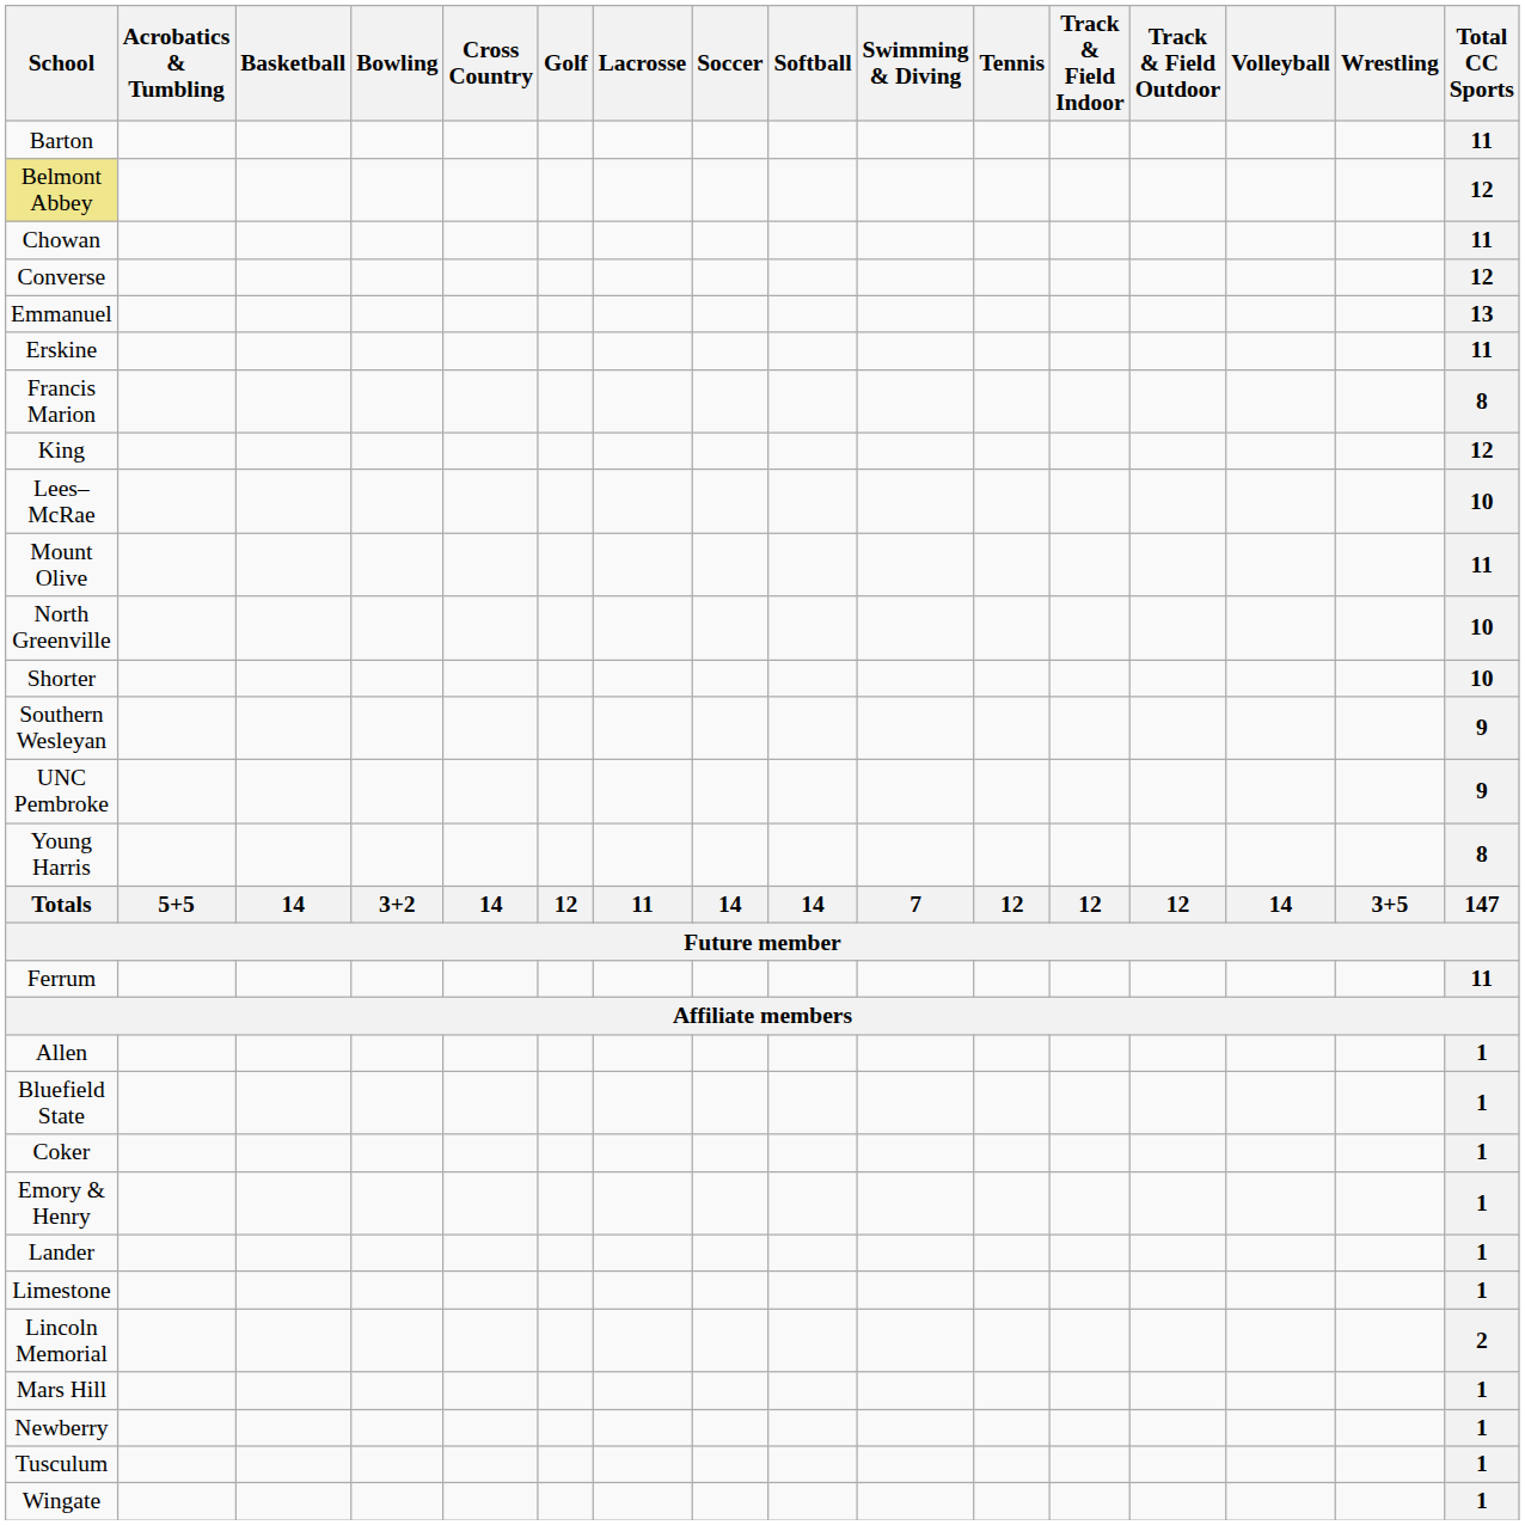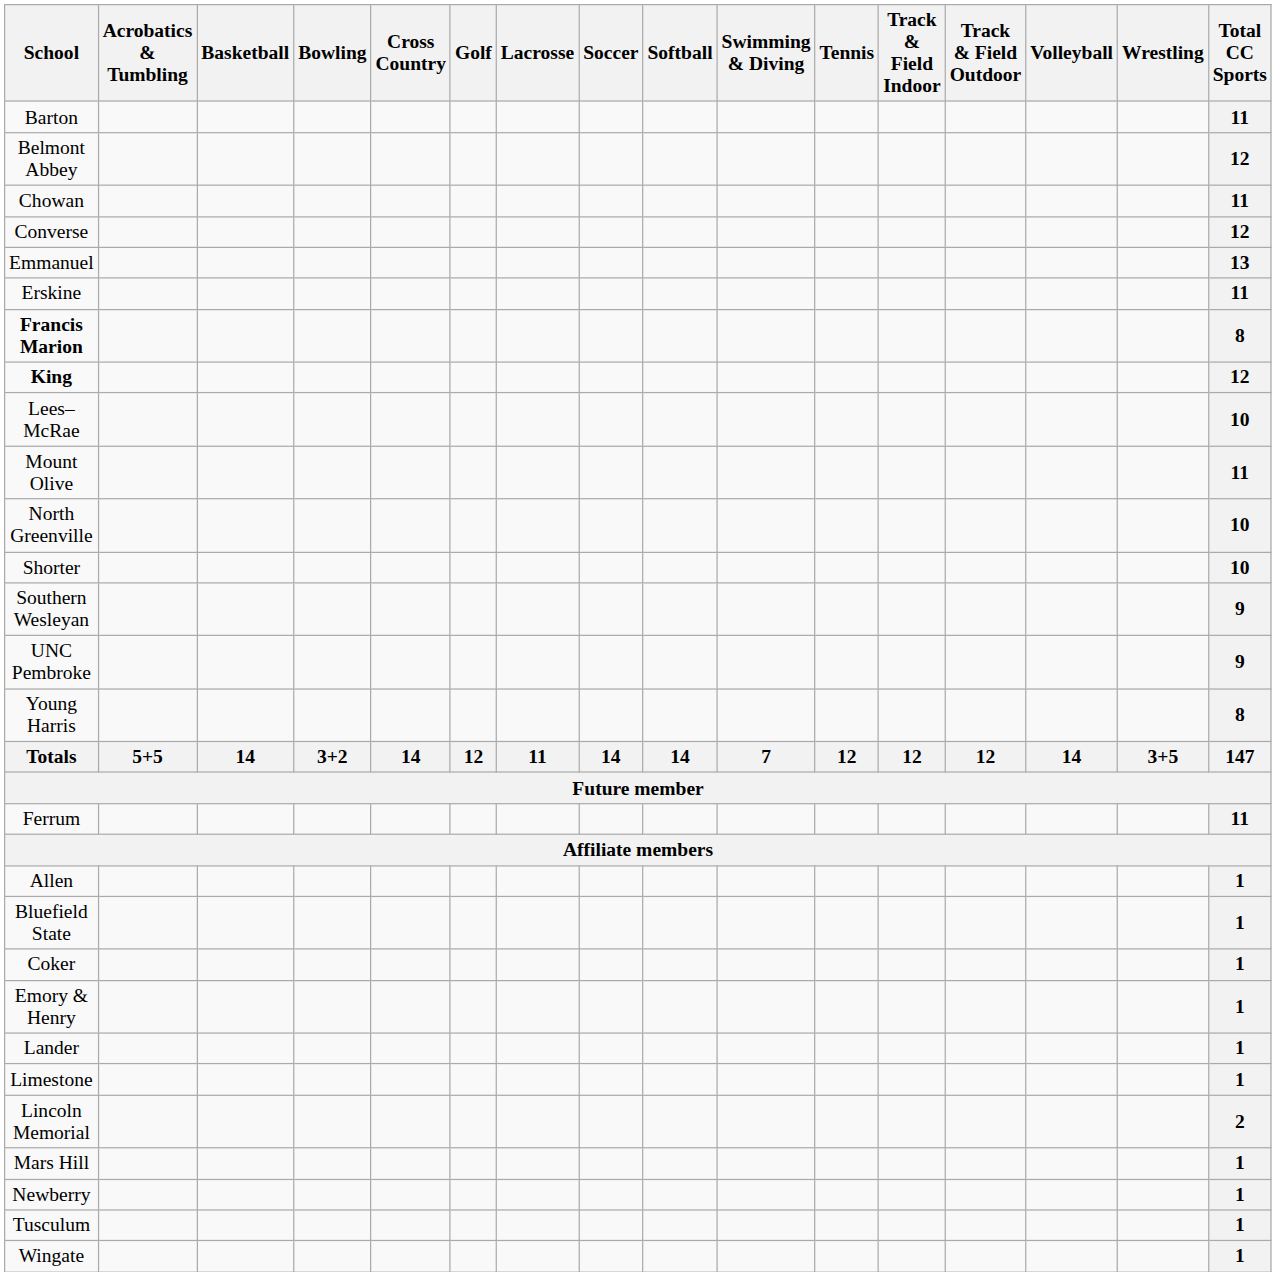 <table class="wikitable" style="text-align:center">
 <tr>
 <th>School</th>
 <th>Acrobatics<br>& Tumbling</th>
 <th>Basketball</th>
 <th>Bowling</th>
 <th>Cross<br>Country</th>
 <th>Golf</th>
 <th>Lacrosse</th>
 <th>Soccer</th>
 <th>Softball</th>
 <th>Swimming<br>& Diving</th>
 <th>Tennis</th>
 <th>Track<br>& Field<br>Indoor</th>
 <th>Track<br>& Field<br>Outdoor</th>
 <th>Volleyball</th>
 <th>Wrestling</th>
 <th>Total<br>CC<br>Sports</th>
 </tr>
 <tr>
 <td>Barton</td>
 <td></td>
 <td></td>
 <td></td>
 <td></td>
 <td></td>
 <td></td>
 <td></td>
 <td></td>
 <td></td>
 <td></td>
 <td></td>
 <td></td>
 <td></td>
 <td></td>
 <th>11</th>
 </tr>
 <tr>
-<td style="background: khaki;">Belmont Abbey</td>
+<td>Belmont Abbey</td>
 <td></td>
 <td></td>
 <td></td>
 <td></td>
 <td></td>
 <td></td>
 <td></td>
 <td></td>
 <td></td>
 <td></td>
 <td></td>
 <td></td>
 <td></td>
 <td></td>
 <th>12</th>
 </tr>
 <tr>
 <td>Chowan</td>
 <td></td>
 <td></td>
 <td></td>
 <td></td>
 <td></td>
 <td></td>
 <td></td>
 <td></td>
 <td></td>
 <td></td>
 <td></td>
 <td></td>
 <td></td>
 <td></td>
 <th>11</th>
 </tr>
 <tr>
 <td>Converse</td>
 <td></td>
 <td></td>
 <td></td>
 <td></td>
 <td></td>
 <td></td>
 <td></td>
 <td></td>
 <td></td>
 <td></td>
 <td></td>
 <td></td>
 <td></td>
 <td></td>
 <th>12</th>
 </tr>
 <tr>
 <td>Emmanuel</td>
 <td></td>
 <td></td>
 <td></td>
 <td></td>
 <td></td>
 <td></td>
 <td></td>
 <td></td>
 <td></td>
 <td></td>
 <td></td>
 <td></td>
 <td></td>
 <td></td>
 <th>13</th>
 </tr>
 <tr>
 <td>Erskine</td>
 <td></td>
 <td></td>
 <td></td>
 <td></td>
 <td></td>
 <td></td>
 <td></td>
 <td></td>
 <td></td>
 <td></td>
 <td></td>
 <td></td>
 <td></td>
 <td></td>
 <th>11</th>
 </tr>
 <tr>
-<td>Francis Marion</td>
+<td><strong>Francis Marion</strong></td>
 <td></td>
 <td></td>
 <td></td>
 <td></td>
 <td></td>
 <td></td>
 <td></td>
 <td></td>
 <td></td>
 <td></td>
 <td></td>
 <td></td>
 <td></td>
 <td></td>
 <th>8</th>
 </tr>
 <tr>
-<td>King</td>
+<td><strong>King</strong></td>
 <td></td>
 <td></td>
 <td></td>
 <td></td>
 <td></td>
 <td></td>
 <td></td>
 <td></td>
 <td></td>
 <td></td>
 <td></td>
 <td></td>
 <td></td>
 <td></td>
 <th>12</th>
 </tr>
 <tr>
 <td>Lees–McRae</td>
 <td></td>
 <td></td>
 <td></td>
 <td></td>
 <td></td>
 <td></td>
 <td></td>
 <td></td>
 <td></td>
 <td></td>
 <td></td>
 <td></td>
 <td></td>
 <td></td>
 <th>10</th>
 </tr>
 <tr>
 <td>Mount Olive</td>
 <td></td>
 <td></td>
 <td></td>
 <td></td>
 <td></td>
 <td></td>
 <td></td>
 <td></td>
 <td></td>
 <td></td>
 <td></td>
 <td></td>
 <td></td>
 <td></td>
 <th>11</th>
 </tr>
 <tr>
 <td>North Greenville</td>
 <td></td>
 <td></td>
 <td></td>
 <td></td>
 <td></td>
 <td></td>
 <td></td>
 <td></td>
 <td></td>
 <td></td>
 <td></td>
 <td></td>
 <td></td>
 <td></td>
 <th>10</th>
 </tr>
 <tr>
 <td>Shorter</td>
 <td></td>
 <td></td>
 <td></td>
 <td></td>
 <td></td>
 <td></td>
 <td></td>
 <td></td>
 <td></td>
 <td></td>
 <td></td>
 <td></td>
 <td></td>
 <td></td>
 <th>10</th>
 </tr>
 <tr>
 <td>Southern Wesleyan</td>
 <td></td>
 <td></td>
 <td></td>
 <td></td>
 <td></td>
 <td></td>
 <td></td>
 <td></td>
 <td></td>
 <td></td>
 <td></td>
 <td></td>
 <td></td>
 <td></td>
 <th>9</th>
 </tr>
 <tr>
 <td>UNC Pembroke</td>
 <td></td>
 <td></td>
 <td></td>
 <td></td>
 <td></td>
 <td></td>
 <td></td>
 <td></td>
 <td></td>
 <td></td>
 <td></td>
 <td></td>
 <td></td>
 <td></td>
 <th>9</th>
 </tr>
 <tr>
 <td>Young Harris</td>
 <td></td>
 <td></td>
 <td></td>
 <td></td>
 <td></td>
 <td></td>
 <td></td>
 <td></td>
 <td></td>
 <td></td>
 <td></td>
 <td></td>
 <td></td>
 <td></td>
 <th>8</th>
 </tr>
 <tr>
 <th>Totals</th>
 <th>5+5</th>
 <th>14</th>
 <th>3+2</th>
 <th>14</th>
 <th>12</th>
 <th>11</th>
 <th>14</th>
 <th>14</th>
 <th>7</th>
 <th>12</th>
 <th>12</th>
 <th>12</th>
 <th>14</th>
 <th>3+5</th>
 <th>147</th>
 </tr>
 <tr>
 <th colspan=16>Future member</th>
 </tr>
 <tr>
 <td>Ferrum</td>
 <td></td>
 <td></td>
 <td></td>
 <td></td>
 <td></td>
 <td></td>
 <td></td>
 <td></td>
 <td></td>
 <td></td>
 <td></td>
 <td></td>
 <td></td>
 <td></td>
 <th>11</th>
 </tr>
 <tr>
 <th colspan=16>Affiliate members</th>
 </tr>
 <tr>
 <td>Allen</td>
 <td></td>
 <td></td>
 <td></td>
 <td></td>
 <td></td>
 <td></td>
 <td></td>
 <td></td>
 <td></td>
 <td></td>
 <td></td>
 <td></td>
 <td></td>
 <td></td>
 <th>1</th>
 </tr>
 <tr>
 <td>Bluefield State</td>
 <td></td>
 <td></td>
 <td></td>
 <td></td>
 <td></td>
 <td></td>
 <td></td>
 <td></td>
 <td></td>
 <td></td>
 <td></td>
 <td></td>
 <td></td>
 <td></td>
 <th>1</th>
 </tr>
 <tr>
 <td>Coker</td>
 <td></td>
 <td></td>
 <td></td>
 <td></td>
 <td></td>
 <td></td>
 <td></td>
 <td></td>
 <td></td>
 <td></td>
 <td></td>
 <td></td>
 <td></td>
 <td></td>
 <th>1</th>
 </tr>
 <tr>
 <td>Emory & Henry</td>
 <td></td>
 <td></td>
 <td></td>
 <td></td>
 <td></td>
 <td></td>
 <td></td>
 <td></td>
 <td></td>
 <td></td>
 <td></td>
 <td></td>
 <td></td>
 <td></td>
 <th>1</th>
 </tr>
 <tr>
 <td>Lander</td>
 <td></td>
 <td></td>
 <td></td>
 <td></td>
 <td></td>
 <td></td>
 <td></td>
 <td></td>
 <td></td>
 <td></td>
 <td></td>
 <td></td>
 <td></td>
 <td></td>
 <th>1</th>
 </tr>
 <tr>
 <td>Limestone</td>
 <td></td>
 <td></td>
 <td></td>
 <td></td>
 <td></td>
 <td></td>
 <td></td>
 <td></td>
 <td></td>
 <td></td>
 <td></td>
 <td></td>
 <td></td>
 <td></td>
 <th>1</th>
 </tr>
 <tr>
 <td>Lincoln Memorial</td>
 <td></td>
 <td></td>
 <td></td>
 <td></td>
 <td></td>
 <td></td>
 <td></td>
 <td></td>
 <td></td>
 <td></td>
 <td></td>
 <td></td>
 <td></td>
 <td></td>
 <th>2</th>
 </tr>
 <tr>
 <td>Mars Hill</td>
 <td></td>
 <td></td>
 <td></td>
 <td></td>
 <td></td>
 <td></td>
 <td></td>
 <td></td>
 <td></td>
 <td></td>
 <td></td>
 <td></td>
 <td></td>
 <td></td>
 <th>1</th>
 </tr>
 <tr>
 <td>Newberry</td>
 <td></td>
 <td></td>
 <td></td>
 <td></td>
 <td></td>
 <td></td>
 <td></td>
 <td></td>
 <td></td>
 <td></td>
 <td></td>
 <td></td>
 <td></td>
 <td></td>
 <th>1</th>
 </tr>
 <tr>
 <td>Tusculum</td>
 <td></td>
 <td></td>
 <td></td>
 <td></td>
 <td></td>
 <td></td>
 <td></td>
 <td></td>
 <td></td>
 <td></td>
 <td></td>
 <td></td>
 <td></td>
 <td></td>
 <th>1</th>
 </tr>
 <tr>
 <td>Wingate</td>
 <td></td>
 <td></td>
 <td></td>
 <td></td>
 <td></td>
 <td></td>
 <td></td>
 <td></td>
 <td></td>
 <td></td>
 <td></td>
 <td></td>
 <td></td>
 <td></td>
 <th>1</th>
 </tr>
 </table>
